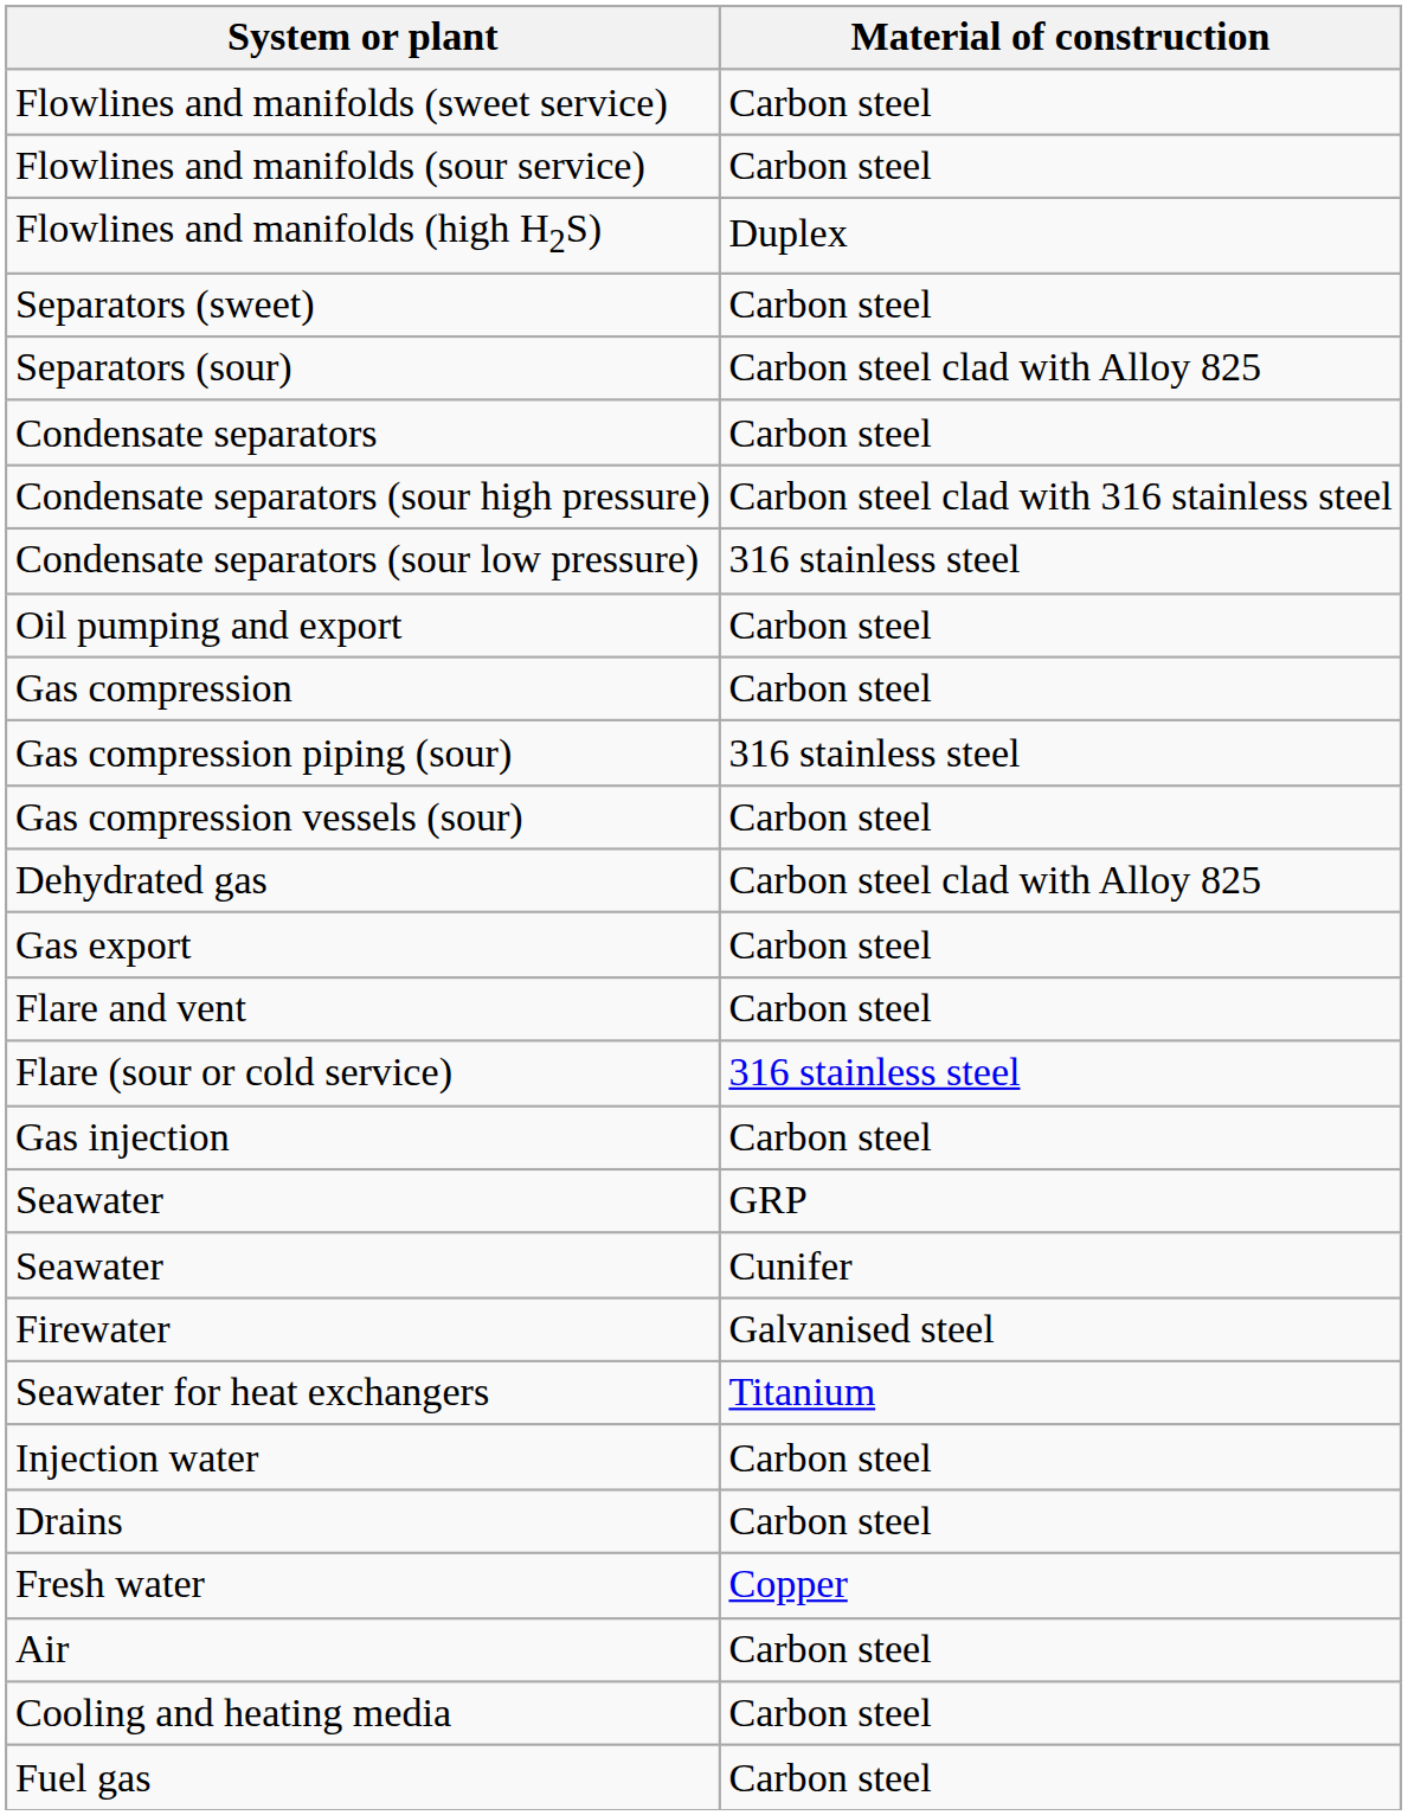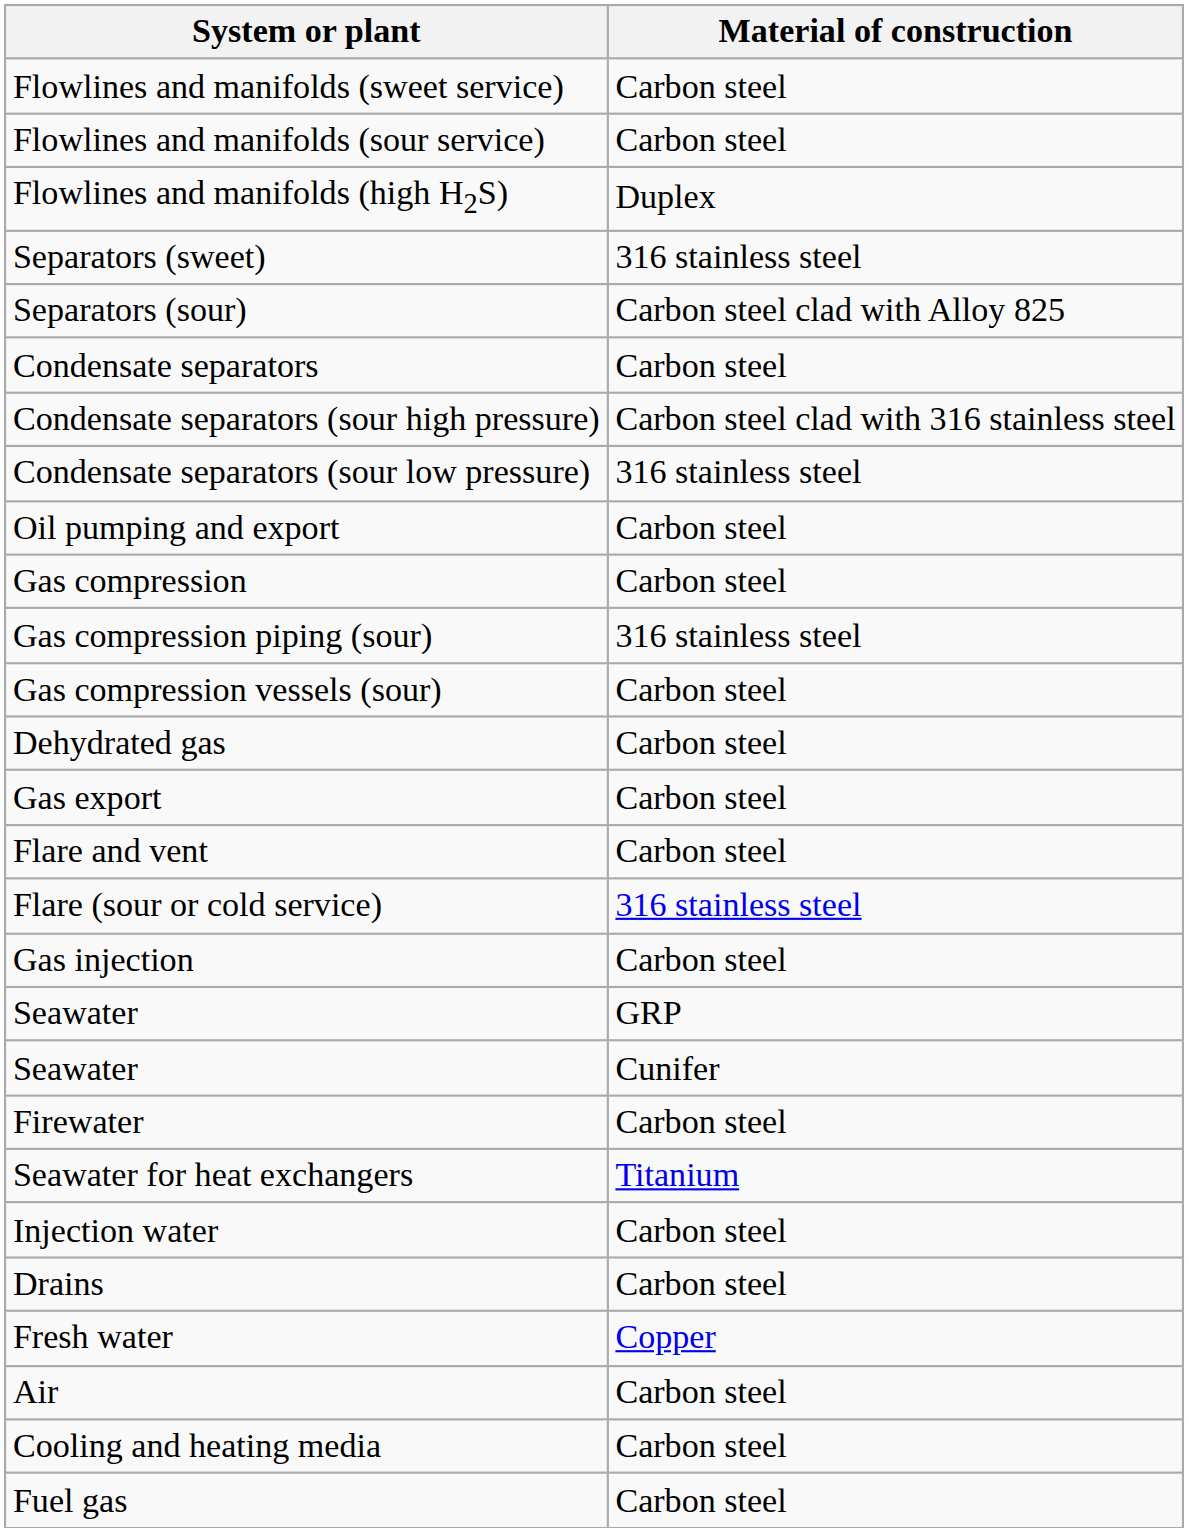 <table class="wikitable sortable">
 <tr>
 <th>System or plant</th>
 <th>Material of construction</th>
 </tr>
 <tr>
 <td>Flowlines and manifolds (sweet service)</td>
 <td>Carbon steel</td>
 </tr>
 <tr>
 <td>Flowlines and manifolds (sour service)</td>
 <td>Carbon steel</td>
 </tr>
 <tr>
 <td>Flowlines and manifolds (high H<sub>2</sub>S)</td>
 <td>Duplex</td>
 </tr>
 <tr>
 <td>Separators (sweet)</td>
-<td>Carbon steel</td>
+<td>316 stainless steel</td>
 </tr>
 <tr>
 <td>Separators (sour)</td>
 <td>Carbon steel clad with Alloy 825</td>
 </tr>
 <tr>
 <td>Condensate separators</td>
 <td>Carbon steel</td>
 </tr>
 <tr>
 <td>Condensate separators (sour high pressure)</td>
 <td>Carbon steel clad with 316 stainless steel</td>
 </tr>
 <tr>
 <td>Condensate separators (sour low pressure)</td>
 <td>316 stainless steel</td>
 </tr>
 <tr>
 <td>Oil pumping and export</td>
 <td>Carbon steel</td>
 </tr>
 <tr>
 <td>Gas compression</td>
 <td>Carbon steel</td>
 </tr>
 <tr>
 <td>Gas compression piping (sour)</td>
 <td>316 stainless steel</td>
 </tr>
 <tr>
 <td>Gas compression vessels (sour)</td>
 <td>Carbon steel</td>
 </tr>
 <tr>
 <td>Dehydrated gas</td>
-<td>Carbon steel clad with Alloy 825</td>
+<td>Carbon steel</td>
 </tr>
 <tr>
 <td>Gas export</td>
 <td>Carbon steel</td>
 </tr>
 <tr>
 <td>Flare and vent</td>
 <td>Carbon steel</td>
 </tr>
 <tr>
 <td>Flare (sour or cold service)</td>
 <td><a href='#'>316 stainless steel</a></td>
 </tr>
 <tr>
 <td>Gas injection</td>
 <td>Carbon steel</td>
 </tr>
 <tr>
 <td>Seawater</td>
 <td>GRP</td>
 </tr>
 <tr>
 <td>Seawater</td>
 <td>Cunifer</td>
 </tr>
 <tr>
 <td>Firewater</td>
-<td>Galvanised steel</td>
+<td>Carbon steel</td>
 </tr>
 <tr>
 <td>Seawater for heat exchangers</td>
 <td><a href='#'>Titanium</a></td>
 </tr>
 <tr>
 <td>Injection water</td>
 <td>Carbon steel</td>
 </tr>
 <tr>
 <td>Drains</td>
 <td>Carbon steel</td>
 </tr>
 <tr>
 <td>Fresh water</td>
 <td><a href='#'>Copper</a></td>
 </tr>
 <tr>
 <td>Air</td>
 <td>Carbon steel</td>
 </tr>
 <tr>
 <td>Cooling and heating media</td>
 <td>Carbon steel</td>
 </tr>
 <tr>
 <td>Fuel gas</td>
 <td>Carbon steel</td>
 </tr>
 </table>
